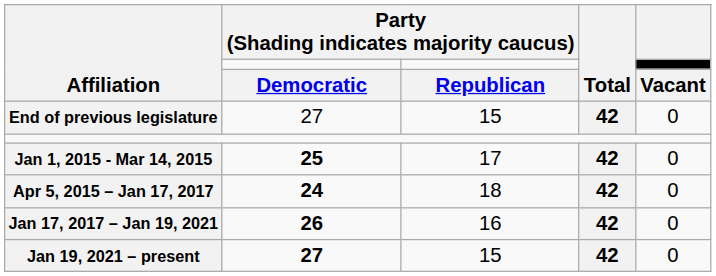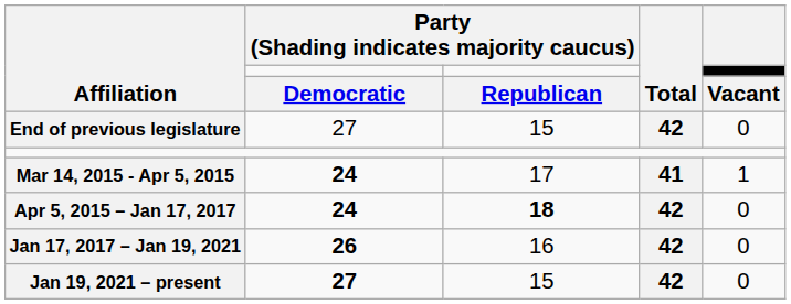 <table class=wikitable style="text-align:center">
 <tr style="vertical-align:bottom;">
 <th rowspan=3>Affiliation</th>
 <th colspan=2>Party <div>(Shading indicates majority caucus)</div></th>
 <th rowspan=3>Total</th>
 <th></th>
 </tr>
 <tr style="height:5px">
 <td style="background-color:"></td>
 <td style="background-color:"></td>
 <td style="background-color:black"></td>
 </tr>
 <tr>
 <th><a href='#'>Democratic</a></th>
 <th><a href='#'>Republican</a></th>
 <th>Vacant</th>
 </tr>
 <tr>
 <th nowrap style="font-size:80%">End of previous legislature</th>
 <td>27</td>
 <td>15</td>
 <th>42</th>
 <td>0</td>
 </tr>
 <tr>
 <td colspan=5></td>
 </tr>
 <tr>
-<th nowrap style="font-size:80%">Jan 1, 2015 - Mar 14, 2015</th>
-<td><strong>25</strong></td>
+<th nowrap style="font-size:80%">Mar 14, 2015 - Apr 5, 2015</th>
+<td><strong>24</strong></td>
 <td>17</td>
-<th>42</th>
-<td>0</td>
+<th>41</th>
+<td>1</td>
 </tr>
 <tr>
 <th nowrap style="font-size:80%">Apr 5, 2015 – Jan 17, 2017</th>
 <td><strong>24</strong></td>
-<td>18</td>
+<td><strong>18</strong></td>
 <th>42</th>
 <td>0</td>
 </tr>
 <tr>
 <th nowrap style="font-size:80%">Jan 17, 2017 – Jan 19, 2021</th>
 <td><strong>26</strong></td>
 <td>16</td>
 <th>42</th>
 <td>0</td>
 </tr>
 <tr>
 <th nowrap style="font-size:80%">Jan 19, 2021 – present</th>
 <td><strong>27</strong></td>
 <td>15</td>
 <th>42</th>
 <td>0</td>
 </tr>
 </table>
